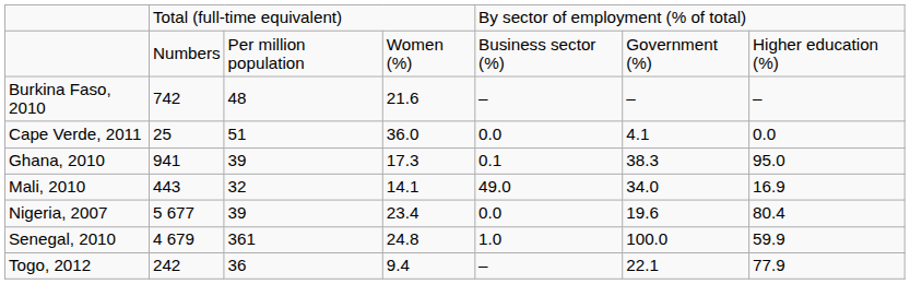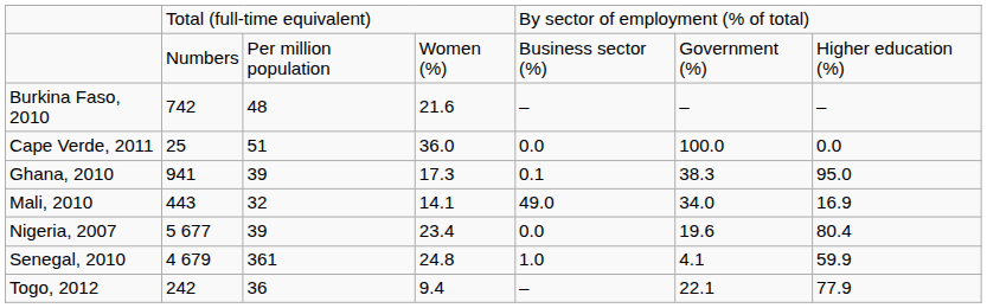 <table class="wikitable">
 <tr>
 <td></td>
 <td colspan="3">Total (full-time equivalent)</td>
 <td colspan="3">By sector of employment  (% of total)</td>
 </tr>
 <tr>
 <td></td>
 <td>Numbers</td>
 <td>Per million population</td>
 <td>Women (%)</td>
 <td>Business sector (%)</td>
 <td>Government (%)</td>
 <td>Higher education (%)</td>
 </tr>
 <tr>
 <td>Burkina  Faso, 2010</td>
 <td>742</td>
 <td>48</td>
 <td>21.6</td>
 <td>–</td>
 <td>–</td>
 <td>–</td>
 </tr>
 <tr>
 <td>Cape Verde,  2011</td>
 <td>25</td>
 <td>51</td>
 <td>36.0</td>
 <td>0.0</td>
-<td>4.1</td>
+<td>100.0</td>
 <td>0.0</td>
 </tr>
 <tr>
 <td>Ghana, 2010</td>
 <td>941</td>
 <td>39</td>
 <td>17.3</td>
 <td>0.1</td>
 <td>38.3</td>
 <td>95.0</td>
 </tr>
 <tr>
 <td>Mali, 2010</td>
 <td>443</td>
 <td>32</td>
 <td>14.1</td>
 <td>49.0</td>
 <td>34.0</td>
 <td>16.9</td>
 </tr>
 <tr>
 <td>Nigeria,  2007</td>
 <td>5 677</td>
 <td>39</td>
 <td>23.4</td>
 <td>0.0</td>
 <td>19.6</td>
 <td>80.4</td>
 </tr>
 <tr>
 <td>Senegal,  2010</td>
 <td>4 679</td>
 <td>361</td>
 <td>24.8</td>
 <td>1.0</td>
-<td>100.0</td>
+<td>4.1</td>
 <td>59.9</td>
 </tr>
 <tr>
 <td>Togo, 2012</td>
 <td>242</td>
 <td>36</td>
 <td>9.4</td>
 <td>–</td>
 <td>22.1</td>
 <td>77.9</td>
 </tr>
 </table>
